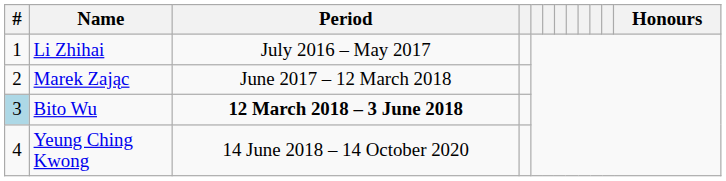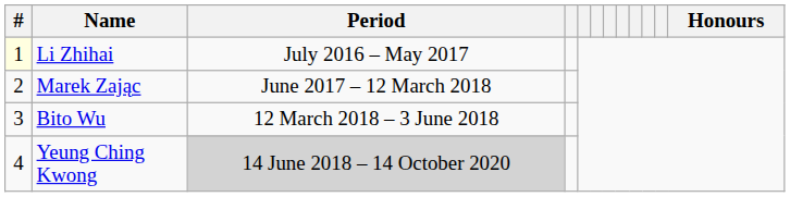 <table class="wikitable sortable" style="text-align:center;">
 <tr>
 <th>#</th>
 <th width=20%>Name</th>
 <th class="unsortable">Period</th>
 <th></th>
 <th></th>
 <th></th>
 <th></th>
 <th></th>
 <th></th>
 <th></th>
 <th></th>
 <th class="unsortable">Honours</th>
 </tr>
 <tr>
-<td>1</td>
+<td style="background: lightyellow;">1</td>
 <td style="text-align: left;"> <a href='#'>Li Zhihai</a></td>
 <td>July 2016 – May 2017<br></td>
 <td></td>
 </tr>
 <tr>
 <td>2</td>
 <td style="text-align: left;"> <a href='#'>Marek Zając</a></td>
 <td>June 2017 – 12 March 2018<br></td>
 <td></td>
 </tr>
 <tr>
-<td style="background: lightblue;">3</td>
+<td>3</td>
 <td style="text-align: left;"> <a href='#'>Bito Wu</a></td>
-<td><strong>12 March 2018 – 3 June 2018<br></strong></td>
+<td>12 March 2018 – 3 June 2018<br></td>
 <td></td>
 </tr>
 <tr>
 <td>4</td>
 <td style="text-align: left;"> <a href='#'>Yeung Ching Kwong</a></td>
-<td>14 June 2018 – 14 October 2020<br></td>
+<td style="background: lightgrey;">14 June 2018 – 14 October 2020<br></td>
 <td></td>
 </tr>
 </table>
